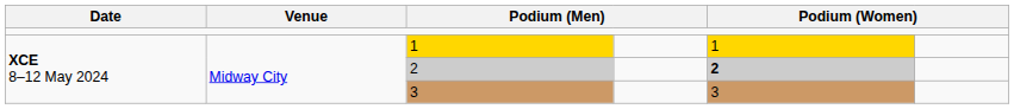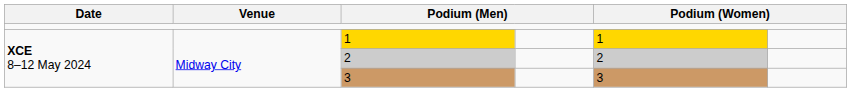 <table class="wikitable" width=70%>
 <tr>
 <th>Date</th>
 <th width=20%>Venue</th>
 <th colspan=2 width=30%>Podium (Men)</th>
 <th colspan=2 width=30%>Podium (Women)</th>
 </tr>
 <tr>
 <td colspan=6></td>
 </tr>
 <tr>
 <td rowspan=3><strong>XCE</strong> <br> 8–12 May 2024</td>
 <td rowspan=3><br><a href='#'>Midway City</a></td>
 <td bgcolor=FFD700>1</td>
 <td></td>
 <td bgcolor=FFD700>1</td>
 <td></td>
 </tr>
 <tr>
 <td bgcolor=CCCCCC>2</td>
 <td></td>
-<td bgcolor=CCCCCC><strong>2</strong></td>
+<td bgcolor=CCCCCC>2</td>
 <td></td>
 </tr>
 <tr>
 <td bgcolor=CC9966>3</td>
 <td></td>
 <td bgcolor=CC9966>3</td>
 <td></td>
 </tr>
 </table>
